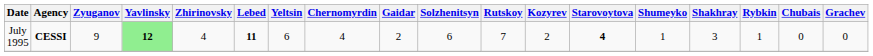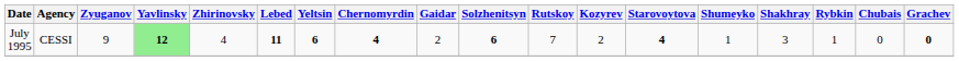 <table class=wikitable style=text-align:center>
 <tr>
 <th>Date</th>
 <th>Agency</th>
 <th><a href='#'>Zyuganov</a></th>
 <th><a href='#'>Yavlinsky</a></th>
 <th><a href='#'>Zhirinovsky</a></th>
 <th><a href='#'>Lebed</a></th>
 <th><a href='#'>Yeltsin</a></th>
 <th><a href='#'>Chernomyrdin</a></th>
 <th><a href='#'>Gaidar</a></th>
 <th><a href='#'>Solzhenitsyn</a></th>
 <th><a href='#'>Rutskoy</a></th>
 <th><a href='#'>Kozyrev</a></th>
 <th><a href='#'>Starovoytova</a></th>
 <th><a href='#'>Shumeyko</a></th>
 <th><a href='#'>Shakhray</a></th>
 <th><a href='#'>Rybkin</a></th>
 <th><a href='#'>Chubais</a></th>
 <th><a href='#'>Grachev</a></th>
 </tr>
 <tr>
 <td>July 1995</td>
-<td><strong>CESSI</strong></td>
+<td>CESSI</td>
 <td>9</td>
 <td style="background:#90ee90"><strong>12</strong></td>
 <td>4</td>
 <td><strong>11</strong></td>
-<td>6</td>
-<td>4</td>
+<td><strong>6</strong></td>
+<td><strong>4</strong></td>
 <td>2</td>
-<td>6</td>
+<td><strong>6</strong></td>
 <td>7</td>
 <td>2</td>
 <td><strong>4</strong></td>
 <td>1</td>
 <td>3</td>
 <td>1</td>
 <td>0</td>
-<td>0</td>
+<td><strong>0</strong></td>
 </tr>
 <tr>
 </tr>
 </table>
